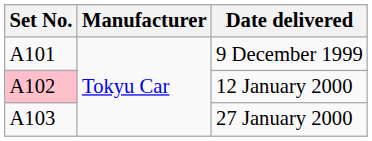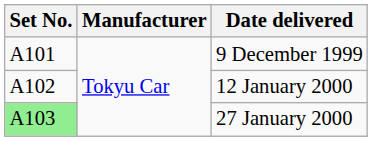 <table class="wikitable">
 <tr>
 <th>Set No.</th>
 <th>Manufacturer</th>
 <th>Date delivered</th>
 </tr>
 <tr>
 <td>A101</td>
 <td rowspan="3"><a href='#'>Tokyu Car</a></td>
 <td>9 December 1999</td>
 </tr>
 <tr>
-<td style="background: pink;">A102</td>
+<td>A102</td>
 <td>12 January 2000</td>
 </tr>
 <tr>
-<td>A103</td>
+<td style="background: lightgreen;">A103</td>
 <td>27 January 2000</td>
 </tr>
 </table>
